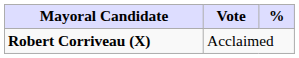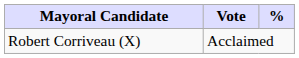 <table class="wikitable">
 <tr>
 <th style="background:#ddf; width:200px;">Mayoral Candidate</th>
 <th style="background:#ddf; width:50px;">Vote</th>
 <th style="background:#ddf; width:30px;">%</th>
 </tr>
 <tr>
-<td><strong>Robert Corriveau (X)</strong></td>
+<td>Robert Corriveau (X)</td>
 <td colspan="2">Acclaimed</td>
 </tr>
 </table>
